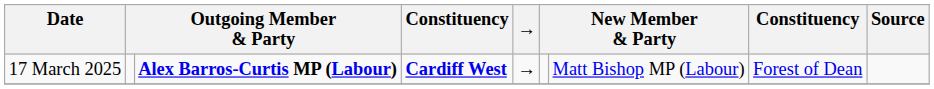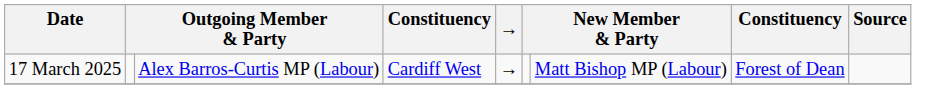 <table class="wikitable">
 <tr>
 <th valign="top">Date</th>
 <th colspan="2" valign="top">Outgoing Member<br>& Party</th>
 <th valign="top">Constituency</th>
 <th>→</th>
 <th colspan="2" valign="top">New Member<br>& Party</th>
 <th valign="top">Constituency</th>
 <th valign="top">Source</th>
 </tr>
 <tr>
 <td nowrap>17 March 2025</td>
 <td style="color:inherit;background:"></td>
-<td><strong><a href='#'>Alex Barros-Curtis</a> MP (<a href='#'>Labour</a>)</strong></td>
-<td><strong><a href='#'>Cardiff West</a></strong></td>
+<td><a href='#'>Alex Barros-Curtis</a> MP (<a href='#'>Labour</a>)</td>
+<td><a href='#'>Cardiff West</a></td>
 <td>→</td>
 <td style="color:inherit;background:"></td>
 <td><a href='#'>Matt Bishop</a> MP (<a href='#'>Labour</a>)</td>
 <td><a href='#'>Forest of Dean</a></td>
 <td></td>
 </tr>
 <tr>
 </tr>
 </table>
